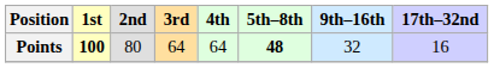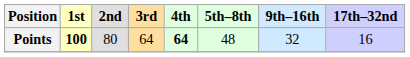 <table class="wikitable" style="font-size: 85%; text-align:center">
 <tr>
 <th>Position</th>
 <th style="background-color:#ffffbf"> 1st </th>
 <th style="background-color:#dfdfdf"> 2nd </th>
 <th style="background-color:#ffdf9f"> 3rd </th>
 <th style="background-color:#dfffdf"> 4th </th>
 <th style="background-color:#dfffdf"> 5th–8th </th>
 <th style="background-color:#cfeaff"> 9th–16th </th>
 <th style="background-color:#cfcfff"> 17th–32nd </th>
 </tr>
 <tr>
 <th>Points</th>
 <td style="background-color:#ffffbf"><strong>100</strong></td>
 <td style="background-color:#dfdfdf">80</td>
 <td style="background-color:#ffdf9f">64</td>
-<td style="background-color:#dfffdf">64</td>
-<td style="background-color:#dfffdf"><strong>48</strong></td>
+<td style="background-color:#dfffdf"><strong>64</strong></td>
+<td style="background-color:#dfffdf">48</td>
 <td style="background-color:#cfeaff">32</td>
 <td style="background-color:#cfcfff">16</td>
 </tr>
 <tr>
 </tr>
 </table>
